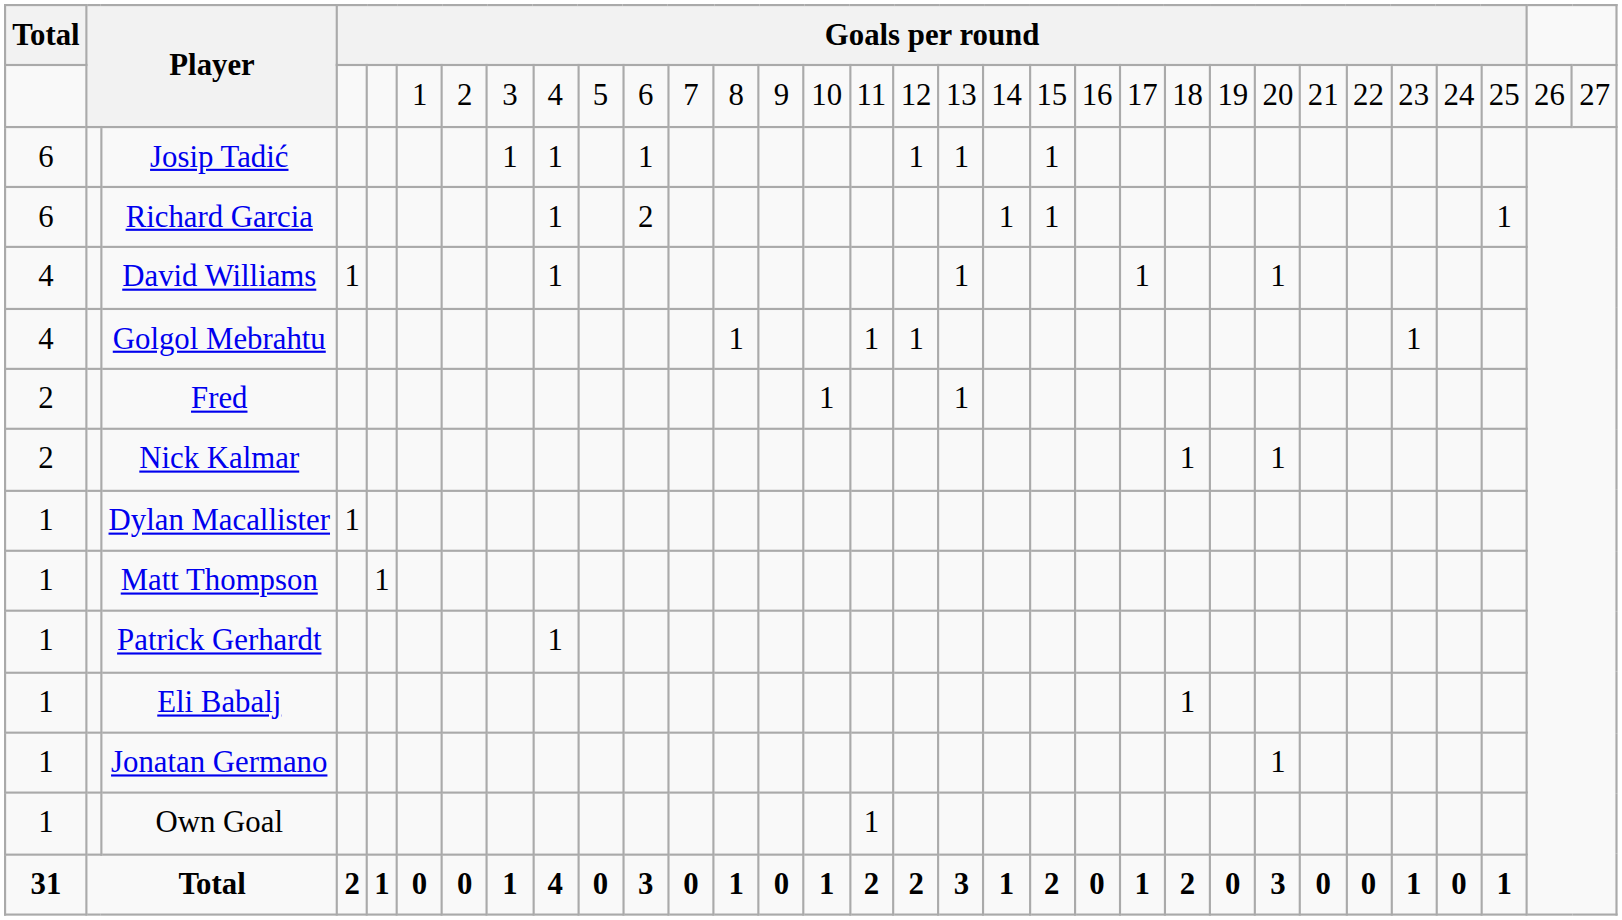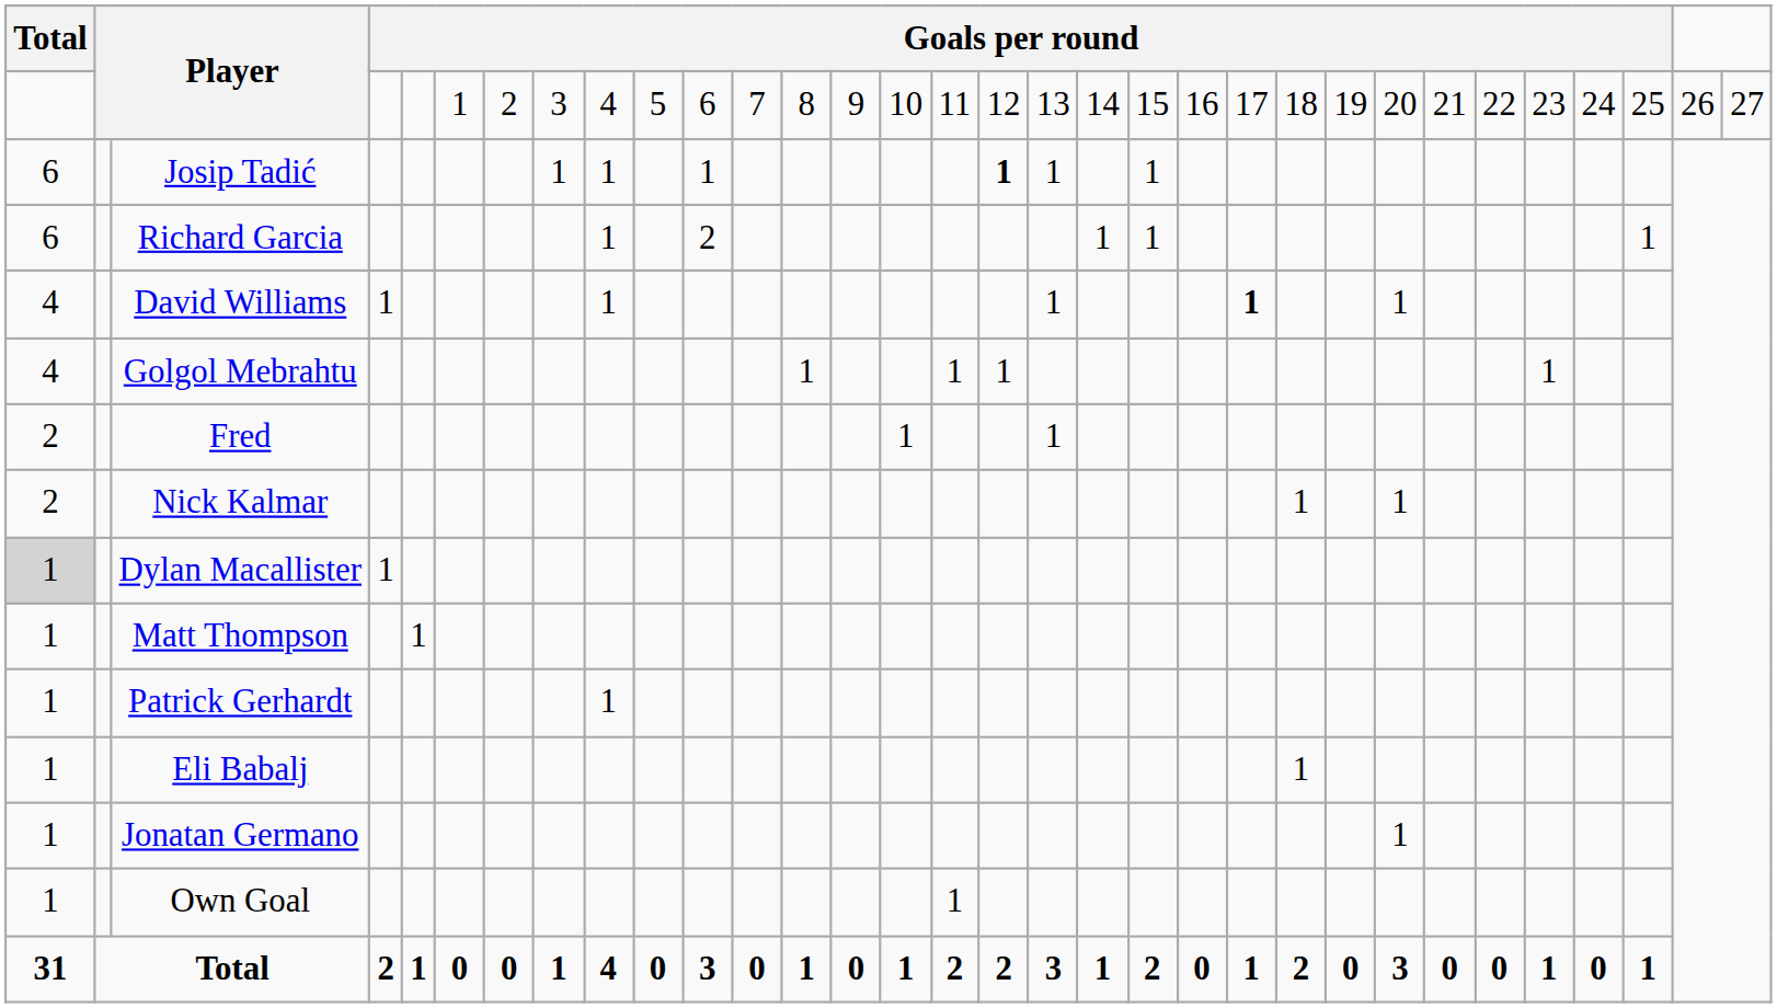 <table class="wikitable sortable" style="text-align:center; line-height: 150%; font-size:90%;">
 <tr>
 <th class="unsortable">Total</th>
 <th rowspan="2" colspan=2 class="unsortable">Player</th>
 <th colspan="27" class="unsortable">Goals per round</th>
 </tr>
 <tr>
 <td></td>
 <td></td>
 <td></td>
 <td> 1 </td>
 <td> 2 </td>
 <td> 3 </td>
 <td> 4 </td>
 <td> 5 </td>
 <td> 6 </td>
 <td> 7 </td>
 <td> 8 </td>
 <td> 9 </td>
 <td>10</td>
 <td>11</td>
 <td>12</td>
 <td>13</td>
 <td>14</td>
 <td>15</td>
 <td>16</td>
 <td>17</td>
 <td>18</td>
 <td>19</td>
 <td>20</td>
 <td>21</td>
 <td>22</td>
 <td>23</td>
 <td>24</td>
 <td>25</td>
 <td>26</td>
 <td>27</td>
 </tr>
 <tr>
 <td>6</td>
 <td></td>
 <td><a href='#'>Josip Tadić</a></td>
 <td></td>
 <td></td>
 <td></td>
 <td></td>
 <td>1</td>
 <td>1</td>
 <td></td>
 <td>1</td>
 <td></td>
 <td></td>
 <td></td>
 <td></td>
 <td></td>
-<td>1</td>
+<td><strong>1</strong></td>
 <td>1</td>
 <td></td>
 <td>1</td>
 <td></td>
 <td></td>
 <td></td>
 <td></td>
 <td></td>
 <td></td>
 <td></td>
 <td></td>
 <td></td>
 <td></td>
 </tr>
 <tr>
 <td>6</td>
 <td></td>
 <td><a href='#'>Richard Garcia</a></td>
 <td></td>
 <td></td>
 <td></td>
 <td></td>
 <td></td>
 <td>1</td>
 <td></td>
 <td>2</td>
 <td></td>
 <td></td>
 <td></td>
 <td></td>
 <td></td>
 <td></td>
 <td></td>
 <td>1</td>
 <td>1</td>
 <td></td>
 <td></td>
 <td></td>
 <td></td>
 <td></td>
 <td></td>
 <td></td>
 <td></td>
 <td></td>
 <td>1</td>
 </tr>
 <tr>
 <td>4</td>
 <td></td>
 <td><a href='#'>David Williams</a></td>
 <td>1</td>
 <td></td>
 <td></td>
 <td></td>
 <td></td>
 <td>1</td>
 <td></td>
 <td></td>
 <td></td>
 <td></td>
 <td></td>
 <td></td>
 <td></td>
 <td></td>
 <td>1</td>
 <td></td>
 <td></td>
 <td></td>
-<td>1</td>
+<td><strong>1</strong></td>
 <td></td>
 <td></td>
 <td>1</td>
 <td></td>
 <td></td>
 <td></td>
 <td></td>
 <td></td>
 </tr>
 <tr>
 <td>4</td>
 <td></td>
 <td><a href='#'>Golgol Mebrahtu</a></td>
 <td></td>
 <td></td>
 <td></td>
 <td></td>
 <td></td>
 <td></td>
 <td></td>
 <td></td>
 <td></td>
 <td>1</td>
 <td></td>
 <td></td>
 <td>1</td>
 <td>1</td>
 <td></td>
 <td></td>
 <td></td>
 <td></td>
 <td></td>
 <td></td>
 <td></td>
 <td></td>
 <td></td>
 <td></td>
 <td>1</td>
 <td></td>
 <td></td>
 </tr>
 <tr>
 <td>2</td>
 <td></td>
 <td><a href='#'>Fred</a></td>
 <td></td>
 <td></td>
 <td></td>
 <td></td>
 <td></td>
 <td></td>
 <td></td>
 <td></td>
 <td></td>
 <td></td>
 <td></td>
 <td>1</td>
 <td></td>
 <td></td>
 <td>1</td>
 <td></td>
 <td></td>
 <td></td>
 <td></td>
 <td></td>
 <td></td>
 <td></td>
 <td></td>
 <td></td>
 <td></td>
 <td></td>
 <td></td>
 </tr>
 <tr>
 <td>2</td>
 <td></td>
 <td><a href='#'>Nick Kalmar</a></td>
 <td></td>
 <td></td>
 <td></td>
 <td></td>
 <td></td>
 <td></td>
 <td></td>
 <td></td>
 <td></td>
 <td></td>
 <td></td>
 <td></td>
 <td></td>
 <td></td>
 <td></td>
 <td></td>
 <td></td>
 <td></td>
 <td></td>
 <td>1</td>
 <td></td>
 <td>1</td>
 <td></td>
 <td></td>
 <td></td>
 <td></td>
 <td></td>
 </tr>
 <tr>
-<td>1</td>
+<td style="background: lightgrey;">1</td>
 <td></td>
 <td><a href='#'>Dylan Macallister</a></td>
 <td>1</td>
 <td></td>
 <td></td>
 <td></td>
 <td></td>
 <td></td>
 <td></td>
 <td></td>
 <td></td>
 <td></td>
 <td></td>
 <td></td>
 <td></td>
 <td></td>
 <td></td>
 <td></td>
 <td></td>
 <td></td>
 <td></td>
 <td></td>
 <td></td>
 <td></td>
 <td></td>
 <td></td>
 <td></td>
 <td></td>
 <td></td>
 </tr>
 <tr>
 <td>1</td>
 <td></td>
 <td><a href='#'>Matt Thompson</a></td>
 <td></td>
 <td>1</td>
 <td></td>
 <td></td>
 <td></td>
 <td></td>
 <td></td>
 <td></td>
 <td></td>
 <td></td>
 <td></td>
 <td></td>
 <td></td>
 <td></td>
 <td></td>
 <td></td>
 <td></td>
 <td></td>
 <td></td>
 <td></td>
 <td></td>
 <td></td>
 <td></td>
 <td></td>
 <td></td>
 <td></td>
 <td></td>
 </tr>
 <tr>
 <td>1</td>
 <td></td>
 <td><a href='#'>Patrick Gerhardt</a></td>
 <td></td>
 <td></td>
 <td></td>
 <td></td>
 <td></td>
 <td>1</td>
 <td></td>
 <td></td>
 <td></td>
 <td></td>
 <td></td>
 <td></td>
 <td></td>
 <td></td>
 <td></td>
 <td></td>
 <td></td>
 <td></td>
 <td></td>
 <td></td>
 <td></td>
 <td></td>
 <td></td>
 <td></td>
 <td></td>
 <td></td>
 <td></td>
 </tr>
 <tr>
 <td>1</td>
 <td></td>
 <td><a href='#'>Eli Babalj</a></td>
 <td></td>
 <td></td>
 <td></td>
 <td></td>
 <td></td>
 <td></td>
 <td></td>
 <td></td>
 <td></td>
 <td></td>
 <td></td>
 <td></td>
 <td></td>
 <td></td>
 <td></td>
 <td></td>
 <td></td>
 <td></td>
 <td></td>
 <td>1</td>
 <td></td>
 <td></td>
 <td></td>
 <td></td>
 <td></td>
 <td></td>
 <td></td>
 </tr>
 <tr>
 <td>1</td>
 <td></td>
 <td><a href='#'>Jonatan Germano</a></td>
 <td></td>
 <td></td>
 <td></td>
 <td></td>
 <td></td>
 <td></td>
 <td></td>
 <td></td>
 <td></td>
 <td></td>
 <td></td>
 <td></td>
 <td></td>
 <td></td>
 <td></td>
 <td></td>
 <td></td>
 <td></td>
 <td></td>
 <td></td>
 <td></td>
 <td>1</td>
 <td></td>
 <td></td>
 <td></td>
 <td></td>
 <td></td>
 </tr>
 <tr>
 <td>1</td>
 <td></td>
 <td>Own Goal</td>
 <td></td>
 <td></td>
 <td></td>
 <td></td>
 <td></td>
 <td></td>
 <td></td>
 <td></td>
 <td></td>
 <td></td>
 <td></td>
 <td></td>
 <td>1</td>
 <td></td>
 <td></td>
 <td></td>
 <td></td>
 <td></td>
 <td></td>
 <td></td>
 <td></td>
 <td></td>
 <td></td>
 <td></td>
 <td></td>
 <td></td>
 <td></td>
 </tr>
 <tr>
 <td><strong>31</strong></td>
 <td colspan="2"><strong>Total</strong></td>
 <td><strong>2</strong></td>
 <td><strong>1</strong></td>
 <td><strong>0</strong></td>
 <td><strong>0</strong></td>
 <td><strong>1</strong></td>
 <td><strong>4</strong></td>
 <td><strong>0</strong></td>
 <td><strong>3</strong></td>
 <td><strong>0</strong></td>
 <td><strong>1</strong></td>
 <td><strong>0</strong></td>
 <td><strong>1</strong></td>
 <td><strong>2</strong></td>
 <td><strong>2</strong></td>
 <td><strong>3</strong></td>
 <td><strong>1</strong></td>
 <td><strong> 2</strong></td>
 <td><strong>0</strong></td>
 <td><strong>1</strong></td>
 <td><strong>2</strong></td>
 <td><strong>0</strong></td>
 <td><strong>3</strong></td>
 <td><strong>0</strong></td>
 <td><strong>0</strong></td>
 <td><strong>1</strong></td>
 <td><strong>0</strong></td>
 <td><strong>1</strong></td>
 </tr>
 </table>
